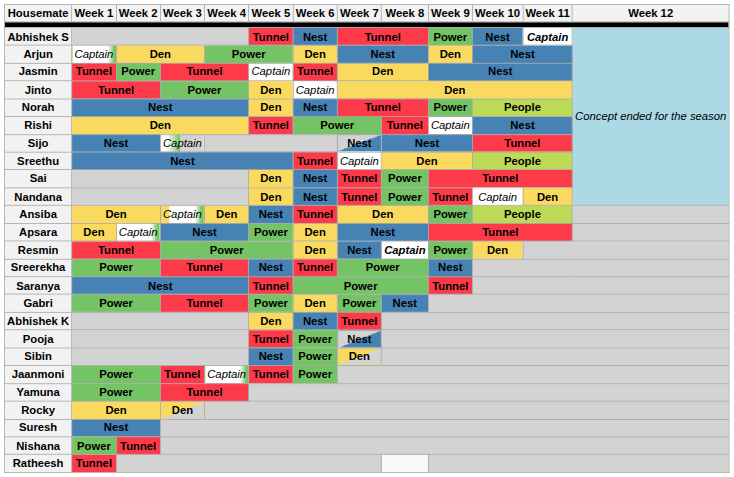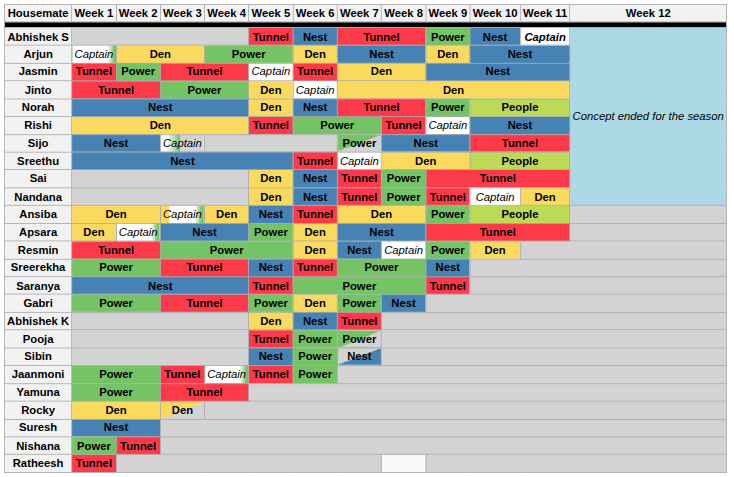 <table class="wikitable sortable" style=" text-align:center; font-size:85%; font-family: sans-serif; line-height:15px; width:auto;">
 <tr>
 <th>Housemate</th>
 <th>Week 1</th>
 <th>Week 2</th>
 <th>Week 3</th>
 <th>Week 4</th>
 <th>Week 5</th>
 <th>Week 6</th>
 <th>Week 7</th>
 <th>Week 8</th>
 <th>Week 9</th>
 <th>Week 10</th>
 <th>Week 11</th>
 <th>Week 12</th>
 </tr>
 <tr>
 <th colspan="18" style="background:#000;"></th>
 </tr>
 <tr>
 <th>Abhishek S</th>
 <td colspan="4" bgcolor="lightgrey"></td>
 <td style="background-color:#FD3A4A;"><strong>Tunnel</strong></td>
 <td style="background-color:#4682B4;"><strong>Nest</strong></td>
 <td colspan="2" style="background-color:#FD3A4A;"><strong>Tunnel</strong></td>
 <td style="background-color:#74C365;"><strong>Power</strong></td>
 <td style="background-color:#4682B4;"><strong>Nest</strong></td>
 <td bgcolor="white"><strong><em>Captain</em></strong></td>
 <td rowspan="10" bgcolor="lightblue"><em>Concept ended for the season</em></td>
 </tr>
 <tr>
 <th>Arjun</th>
 <td style="background-image: linear-gradient(to right, white 80%, #74C365 95%);"><em>Captain</em></td>
 <td colspan="2" style="background-color:#FADA5E;"><strong>Den</strong></td>
 <td colspan="2" style="background-color:#74C365;"><strong>Power</strong></td>
 <td style="background-color:#FADA5E;"><strong>Den</strong></td>
 <td colspan="2" style="background-color:#4682B4;"><strong>Nest</strong></td>
 <td style="background-color:#FADA5E;"><strong>Den</strong></td>
 <td colspan="2" style="background-color:#4682B4;"><strong>Nest</strong></td>
 </tr>
 <tr>
 <th>Jasmin</th>
 <td style="background-color:#FD3A4A;"><strong>Tunnel</strong></td>
 <td style="background-color:#74C365;"><strong>Power</strong></td>
 <td colspan="2" style="background-color:#FD3A4A;"><strong>Tunnel</strong></td>
 <td bgcolor="white"><em>Captain</em></td>
 <td style="background-color:#FD3A4A;"><strong>Tunnel</strong></td>
 <td colspan="2" style="background-color:#FADA5E;"><strong>Den</strong></td>
 <td colspan="3" style="background-color:#4682B4;"><strong>Nest</strong></td>
 </tr>
 <tr>
 <th>Jinto</th>
 <td colspan="2" style="background-color:#FD3A4A;"><strong>Tunnel</strong></td>
 <td colspan="2" style="background-color:#74C365;"><strong>Power</strong></td>
 <td style="background-color:#FADA5E;"><strong>Den</strong></td>
 <td bgcolor="white"><em>Captain</em></td>
 <td colspan="5" style="background-color:#FADA5E;"><strong>Den</strong></td>
 </tr>
 <tr>
 <th>Norah</th>
 <td colspan="4" style="background-color:#4682B4;"><strong>Nest</strong></td>
 <td style="background-color:#FADA5E;"><strong>Den</strong></td>
 <td style="background-color:#4682B4;"><strong>Nest</strong></td>
 <td colspan="2" style="background-color:#FD3A4A;"><strong>Tunnel</strong></td>
 <td style="background-color:#74C365;"><strong>Power</strong></td>
 <td colspan="2" style="background-color:#BDDA57;"><strong>People</strong></td>
 </tr>
 <tr>
 <th>Rishi</th>
 <td colspan="4" style="background-color:#FADA5E;"><strong>Den</strong></td>
 <td style="background-color:#FD3A4A;"><strong>Tunnel</strong></td>
 <td colspan="2" style="background-color:#74C365;"><strong>Power</strong></td>
 <td style="background-color:#FD3A4A;"><strong>Tunnel</strong></td>
 <td bgcolor="white"><em>Captain</em></td>
 <td colspan="2" style="background-color:#4682B4;"><strong>Nest</strong></td>
 </tr>
 <tr>
 <th>Sijo</th>
 <td colspan="2" style="background-color:#4682B4;"><strong>Nest</strong></td>
 <td style="background-image: linear-gradient(to right, white 15%, white 15%, #74C365 45%, lightgrey 45%);"><em>Captain</em></td>
 <td colspan="3" bgcolor="lightgrey"></td>
-<td style="background-image: linear-gradient(to right bottom, lightgrey 50%, #4682B4 50%);"><strong>Nest</strong></td>
+<td style="background-image: linear-gradient(to right bottom, #74C365 50%, lightgrey 50%);"><strong>Power</strong></td>
 <td colspan="2" style="background-color:#4682B4;"><strong>Nest</strong></td>
 <td colspan="2" style="background-color:#FD3A4A;"><strong>Tunnel</strong></td>
 </tr>
 <tr>
 <th>Sreethu</th>
 <td colspan="5" style="background-color:#4682B4;"><strong>Nest</strong></td>
 <td style="background-color:#FD3A4A;"><strong>Tunnel</strong></td>
 <td bgcolor="white"><em>Captain</em></td>
 <td colspan="2" style="background-color:#FADA5E;"><strong>Den</strong></td>
 <td colspan="2" style="background-color:#BDDA57;"><strong>People</strong></td>
 </tr>
 <tr>
 <th>Sai</th>
 <td colspan="4" bgcolor="lightgrey"></td>
 <td style="background-color:#FADA5E;"><strong>Den</strong></td>
 <td style="background-color:#4682B4;"><strong>Nest</strong></td>
 <td style="background-color:#FD3A4A;"><strong>Tunnel</strong></td>
 <td style="background-color:#74C365;"><strong>Power</strong></td>
 <td colspan="3" style="background-color:#FD3A4A;"><strong>Tunnel</strong></td>
 </tr>
 <tr>
 <th>Nandana</th>
 <td colspan="4" bgcolor="lightgrey"></td>
 <td style="background-color:#FADA5E;"><strong>Den</strong></td>
 <td style="background-color:#4682B4;"><strong>Nest</strong></td>
 <td style="background-color:#FD3A4A;"><strong>Tunnel</strong></td>
 <td style="background-color:#74C365;"><strong>Power</strong></td>
 <td style="background-color:#FD3A4A;"><strong>Tunnel</strong></td>
 <td bgcolor="white"><em>Captain</em></td>
 <td style="background-color:#FADA5E;"><strong>Den</strong></td>
 </tr>
 <tr>
 <th>Ansiba</th>
 <td colspan="2" style="background-color:#FADA5E;"><strong>Den</strong></td>
 <td style="background-image: linear-gradient(to right, #FADA5E 20%, white 20%, white 80%, #74C365 95%);"><em>Captain</em></td>
 <td style="background-color:#FADA5E;"><strong>Den</strong></td>
 <td style="background-color:#4682B4;"><strong>Nest</strong></td>
 <td style="background-color:#FD3A4A;"><strong>Tunnel</strong></td>
 <td colspan="2" style="background-color:#FADA5E;"><strong>Den</strong></td>
 <td style="background-color:#74C365;"><strong>Power</strong></td>
 <td colspan="2" style="background-color:#BDDA57;"><strong>People</strong></td>
 <td bgcolor="lightgrey"></td>
 </tr>
 <tr>
 <th>Apsara</th>
 <td style="background-color:#FADA5E;"><strong>Den</strong></td>
 <td style="background-image: linear-gradient(to right, white 80%, #74C365 95%);"><em>Captain</em></td>
 <td colspan="2" style="background-color:#4682B4;"><strong>Nest</strong></td>
 <td style="background-color:#74C365;"><strong>Power</strong></td>
 <td style="background-color:#FADA5E;"><strong>Den</strong></td>
 <td colspan="2" style="background-color:#4682B4;"><strong>Nest</strong></td>
 <td colspan=3 style="background-color:#FD3A4A;"><strong>Tunnel</strong></td>
 <td bgcolor="lightgrey"></td>
 </tr>
 <tr>
 <th>Resmin</th>
 <td colspan="2" style="background-color:#FD3A4A;"><strong>Tunnel</strong></td>
 <td colspan="3" style="background-color:#74C365;"><strong>Power</strong></td>
 <td style="background-color:#FADA5E;"><strong>Den</strong></td>
 <td style="background-color:#4682B4;"><strong>Nest</strong></td>
-<td bgcolor="white"><strong><em>Captain</em></strong></td>
+<td bgcolor="white"><em>Captain</em></td>
 <td style="background-color:#74C365;"><strong>Power</strong></td>
 <td style="background-color:#FADA5E;"><strong>Den</strong></td>
 <td colspan="2" bgcolor="lightgrey"></td>
 </tr>
 <tr>
 <th>Sreerekha</th>
 <td colspan="2" style="background-color:#74C365;"><strong>Power</strong></td>
 <td colspan="2" style="background-color:#FD3A4A;"><strong>Tunnel</strong></td>
 <td style="background-color:#4682B4;"><strong>Nest</strong></td>
 <td style="background-color:#FD3A4A;"><strong>Tunnel</strong></td>
 <td colspan="2" style="background-color:#74C365;"><strong>Power</strong></td>
 <td style="background-color:#4682B4;"><strong>Nest</strong></td>
 <td colspan="3" bgcolor="lightgrey"></td>
 </tr>
 <tr>
 <th>Saranya</th>
 <td colspan="4" style="background-color:#4682B4;"><strong>Nest</strong></td>
 <td style="background-color:#FD3A4A;"><strong>Tunnel</strong></td>
 <td colspan="3" style="background-color:#74C365;"><strong>Power</strong></td>
 <td style="background-color:#FD3A4A;"><strong>Tunnel</strong></td>
 <td colspan="3" bgcolor="lightgrey"></td>
 </tr>
 <tr>
 <th>Gabri</th>
 <td colspan="2" style="background-color:#74C365;"><strong>Power</strong></td>
 <td colspan="2" style="background-color:#FD3A4A;"><strong>Tunnel</strong></td>
 <td style="background-color:#74C365;"><strong>Power</strong></td>
 <td style="background-color:#FADA5E;"><strong>Den</strong></td>
 <td style="background-color:#74C365;"><strong>Power</strong></td>
 <td style="background-color:#4682B4;"><strong>Nest</strong></td>
 <td colspan="4" bgcolor="lightgrey"></td>
 </tr>
 <tr>
 <th>Abhishek K</th>
 <td colspan="4" bgcolor="lightgrey"></td>
 <td style="background-color:#FADA5E;"><strong>Den</strong></td>
 <td style="background-color:#4682B4;"><strong>Nest</strong></td>
 <td style="background-color:#FD3A4A;"><strong>Tunnel</strong></td>
 <td colspan="5" bgcolor="lightgrey"></td>
 </tr>
 <tr>
 <th>Pooja</th>
 <td colspan="4" bgcolor="lightgrey"></td>
 <td style="background-color:#FD3A4A;"><strong>Tunnel</strong></td>
 <td style="background-color:#74C365;"><strong>Power</strong></td>
-<td style="background-image: linear-gradient(to right bottom, lightgrey 50%, #4682B4 50%);"><strong>Nest</strong></td>
+<td style="background-image: linear-gradient(to right bottom, #74C365 50%, lightgrey 50%);"><strong>Power</strong></td>
 <td colspan="5" bgcolor="lightgrey"></td>
 </tr>
 <tr>
 <th>Sibin</th>
 <td colspan="4" bgcolor="lightgrey"></td>
 <td style="background-color:#4682B4;"><strong>Nest</strong></td>
 <td style="background-color:#74C365;"><strong>Power</strong></td>
-<td style="background-image: linear-gradient(to right bottom, #FADA5E 50%, lightgrey 50%);"><strong>Den</strong></td>
+<td style="background-image: linear-gradient(to right bottom, lightgrey 50%, #4682B4 50%);"><strong>Nest</strong></td>
 <td colspan="5" bgcolor="lightgrey"></td>
 </tr>
 <tr>
 <th>Jaanmoni</th>
 <td colspan="2" style="background-color:#74C365;"><strong>Power</strong></td>
 <td style="background-color:#FD3A4A;"><strong>Tunnel</strong></td>
 <td style="background-image: linear-gradient(to right, white 80%, #74C365 95%);"><em>Captain</em></td>
 <td style="background-color:#FD3A4A;"><strong>Tunnel</strong></td>
 <td style="background-color:#74C365;"><strong>Power</strong></td>
 <td colspan="6" bgcolor="lightgrey"></td>
 </tr>
 <tr>
 <th>Yamuna</th>
 <td colspan="2" style="background-color:#74C365;"><strong>Power</strong></td>
 <td colspan="2" style="background-color:#FD3A4A;"><strong>Tunnel</strong></td>
 <td colspan="8" bgcolor="lightgrey"></td>
 </tr>
 <tr>
 <th>Rocky</th>
 <td colspan="2" style="background-color:#FADA5E;"><strong>Den</strong></td>
 <td style="background-image: linear-gradient(to right bottom, #FADA5E 50%, lightgrey 50%);"><strong>Den</strong></td>
 <td colspan="9" bgcolor="lightgrey"></td>
 </tr>
 <tr>
 <th>Suresh</th>
 <td colspan=2 style="background-color:#4682B4;"><strong>Nest</strong></td>
 <td colspan="10" bgcolor="lightgrey"></td>
 </tr>
 <tr>
 <th>Nishana</th>
 <td style="background-color:#74C365;"><strong>Power</strong></td>
 <td style="background-color:#FD3A4A;"><strong>Tunnel</strong></td>
 <td colspan="10" bgcolor="lightgrey"></td>
 </tr>
 <tr>
 <th>Ratheesh</th>
 <td style="background-color:#FD3A4A;"><strong>Tunnel</strong></td>
 <td colspan="6" bgcolor="lightgrey"></td>
 <td></td>
 <td colspan="4" bgcolor="lightgrey"></td>
 </tr>
 </table>
